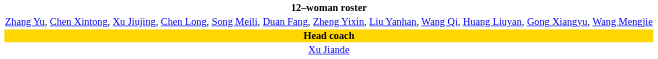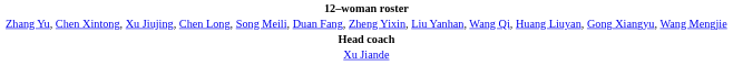 <table style="text-align: center; margin-top: 2em; margin-left: auto; margin-right: auto">
 <tr>
 <td><strong>12–woman roster</strong></td>
 </tr>
 <tr>
 <td><a href='#'>Zhang Yu</a>, <a href='#'>Chen Xintong</a>, <a href='#'>Xu Jiujing</a>, <a href='#'>Chen Long</a>, <a href='#'>Song Meili</a>, <a href='#'>Duan Fang</a>, <a href='#'>Zheng Yixin</a>, <a href='#'>Liu Yanhan</a>, <a href='#'>Wang Qi</a>, <a href='#'>Huang Liuyan</a>, <a href='#'>Gong Xiangyu</a>, <a href='#'>Wang Mengjie</a></td>
 </tr>
 <tr>
-<td style="background: gold;"><strong>Head coach</strong></td>
+<td><strong>Head coach</strong></td>
 </tr>
 <tr>
 <td><a href='#'>Xu Jiande</a></td>
 </tr>
 <tr>
 </tr>
 </table>
